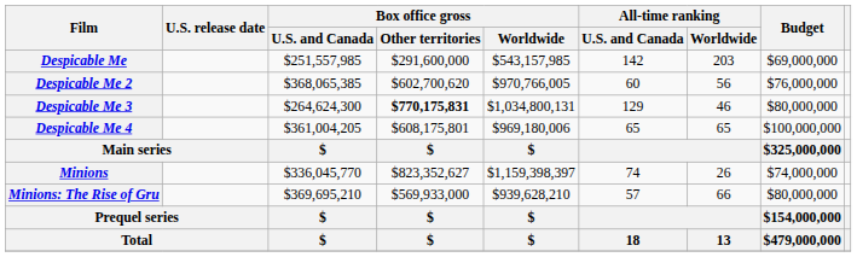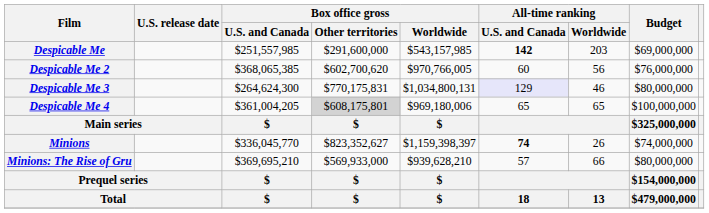 <table class="wikitable plainrowheaders" style="text-align:center">
 <tr>
 <th scope="col" rowspan="2">Film</th>
 <th scope="col" rowspan="2">U.S. release date</th>
 <th scope="col" colspan="3">Box office gross</th>
 <th scope="col" colspan="2">All-time ranking</th>
 <th scope="col" rowspan="2">Budget</th>
 <th scope="col" rowspan="2"></th>
 </tr>
 <tr>
 <th scope="col">U.S. and Canada</th>
 <th scope="col">Other territories</th>
 <th scope="col">Worldwide</th>
 <th scope="col">U.S. and Canada</th>
 <th scope="col">Worldwide</th>
 </tr>
 <tr>
 <th scope="row"><em><a href='#'>Despicable Me</a></em></th>
 <td></td>
 <td>$251,557,985</td>
 <td>$291,600,000</td>
 <td>$543,157,985</td>
-<td>142</td>
+<td><strong>142</strong></td>
 <td>203</td>
 <td>$69,000,000</td>
 <td></td>
 </tr>
 <tr>
 <th scope="row"><em><a href='#'>Despicable Me 2</a></em></th>
 <td></td>
 <td>$368,065,385</td>
 <td>$602,700,620</td>
 <td>$970,766,005</td>
 <td>60</td>
 <td>56</td>
 <td>$76,000,000</td>
 <td></td>
 </tr>
 <tr>
 <th scope="row"><em><a href='#'>Despicable Me 3</a></em></th>
 <td></td>
 <td>$264,624,300</td>
-<td><strong>$770,175,831</strong></td>
+<td>$770,175,831</td>
 <td>$1,034,800,131</td>
-<td>129</td>
+<td style="background: lavender;">129</td>
 <td>46</td>
 <td>$80,000,000</td>
 <td></td>
 </tr>
 <tr>
 <th scope="row"><em><a href='#'>Despicable Me 4</a></em></th>
 <td></td>
 <td>$361,004,205</td>
-<td>$608,175,801</td>
+<td style="background: lightgrey;">$608,175,801</td>
 <td>$969,180,006</td>
 <td>65</td>
 <td>65</td>
 <td>$100,000,000</td>
 <td></td>
 </tr>
 <tr>
 <th colspan=2>Main series</th>
 <th>$</th>
 <th>$</th>
 <th>$</th>
 <th colspan=2></th>
 <th>$325,000,000</th>
 <th></th>
 </tr>
 <tr>
 <th scope="row"><em><a href='#'>Minions</a></em></th>
 <td></td>
 <td>$336,045,770</td>
 <td>$823,352,627</td>
 <td>$1,159,398,397</td>
-<td>74</td>
+<td><strong>74</strong></td>
 <td>26</td>
 <td>$74,000,000</td>
 <td></td>
 </tr>
 <tr>
 <th scope="row"><em><a href='#'>Minions: The Rise of Gru</a></em></th>
 <td></td>
 <td>$369,695,210</td>
 <td>$569,933,000</td>
 <td>$939,628,210</td>
 <td>57</td>
 <td>66</td>
 <td>$80,000,000</td>
 <td></td>
 </tr>
 <tr>
 <th colspan=2>Prequel series</th>
 <th>$</th>
 <th>$</th>
 <th>$</th>
 <th colspan=2></th>
 <th>$154,000,000</th>
 <th></th>
 </tr>
 <tr>
 <th colspan=2>Total</th>
 <th>$</th>
 <th>$</th>
 <th>$</th>
 <th>18</th>
 <th>13</th>
 <th>$479,000,000</th>
 <th></th>
 </tr>
 <tr>
 </tr>
 </table>
